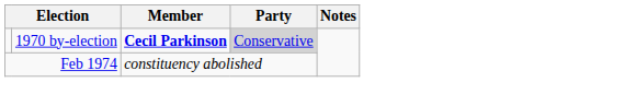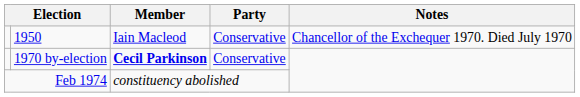 <table class="wikitable">
 <tr>
 <th colspan="2">Election</th>
 <th>Member</th>
 <th>Party</th>
 <th>Notes</th>
 </tr>
 <tr>
 <td style="color:inherit;background-color: "></td>
+<td><a href='#'>1950</a></td>
+<td><a href='#'>Iain Macleod</a></td>
+<td><a href='#'>Conservative</a></td>
+<td><a href='#'>Chancellor of the Exchequer</a> 1970.  Died July 1970</td>
+</tr>
+<tr>
+<td style="color:inherit;background-color: "></td>
 <td><a href='#'>1970 by-election</a></td>
 <td><strong><a href='#'>Cecil Parkinson</a></strong></td>
-<td style="background: lightgrey;"><a href='#'>Conservative</a></td>
+<td><a href='#'>Conservative</a></td>
 </tr>
 <tr>
 <td colspan=2 align="right"><a href='#'>Feb 1974</a></td>
 <td colspan="2"><em>constituency abolished</em></td>
 </tr>
 </table>
